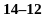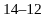 <table style="text-align:center">
 <tr>
 <th width=200></th>
 <th width=100></th>
 <th width=200></th>
 </tr>
 <tr>
 <td align=right><strong></strong></td>
-<td><strong>14–12</strong></td>
+<td>14–12</td>
 <td align=left></td>
 </tr>
 </table>
